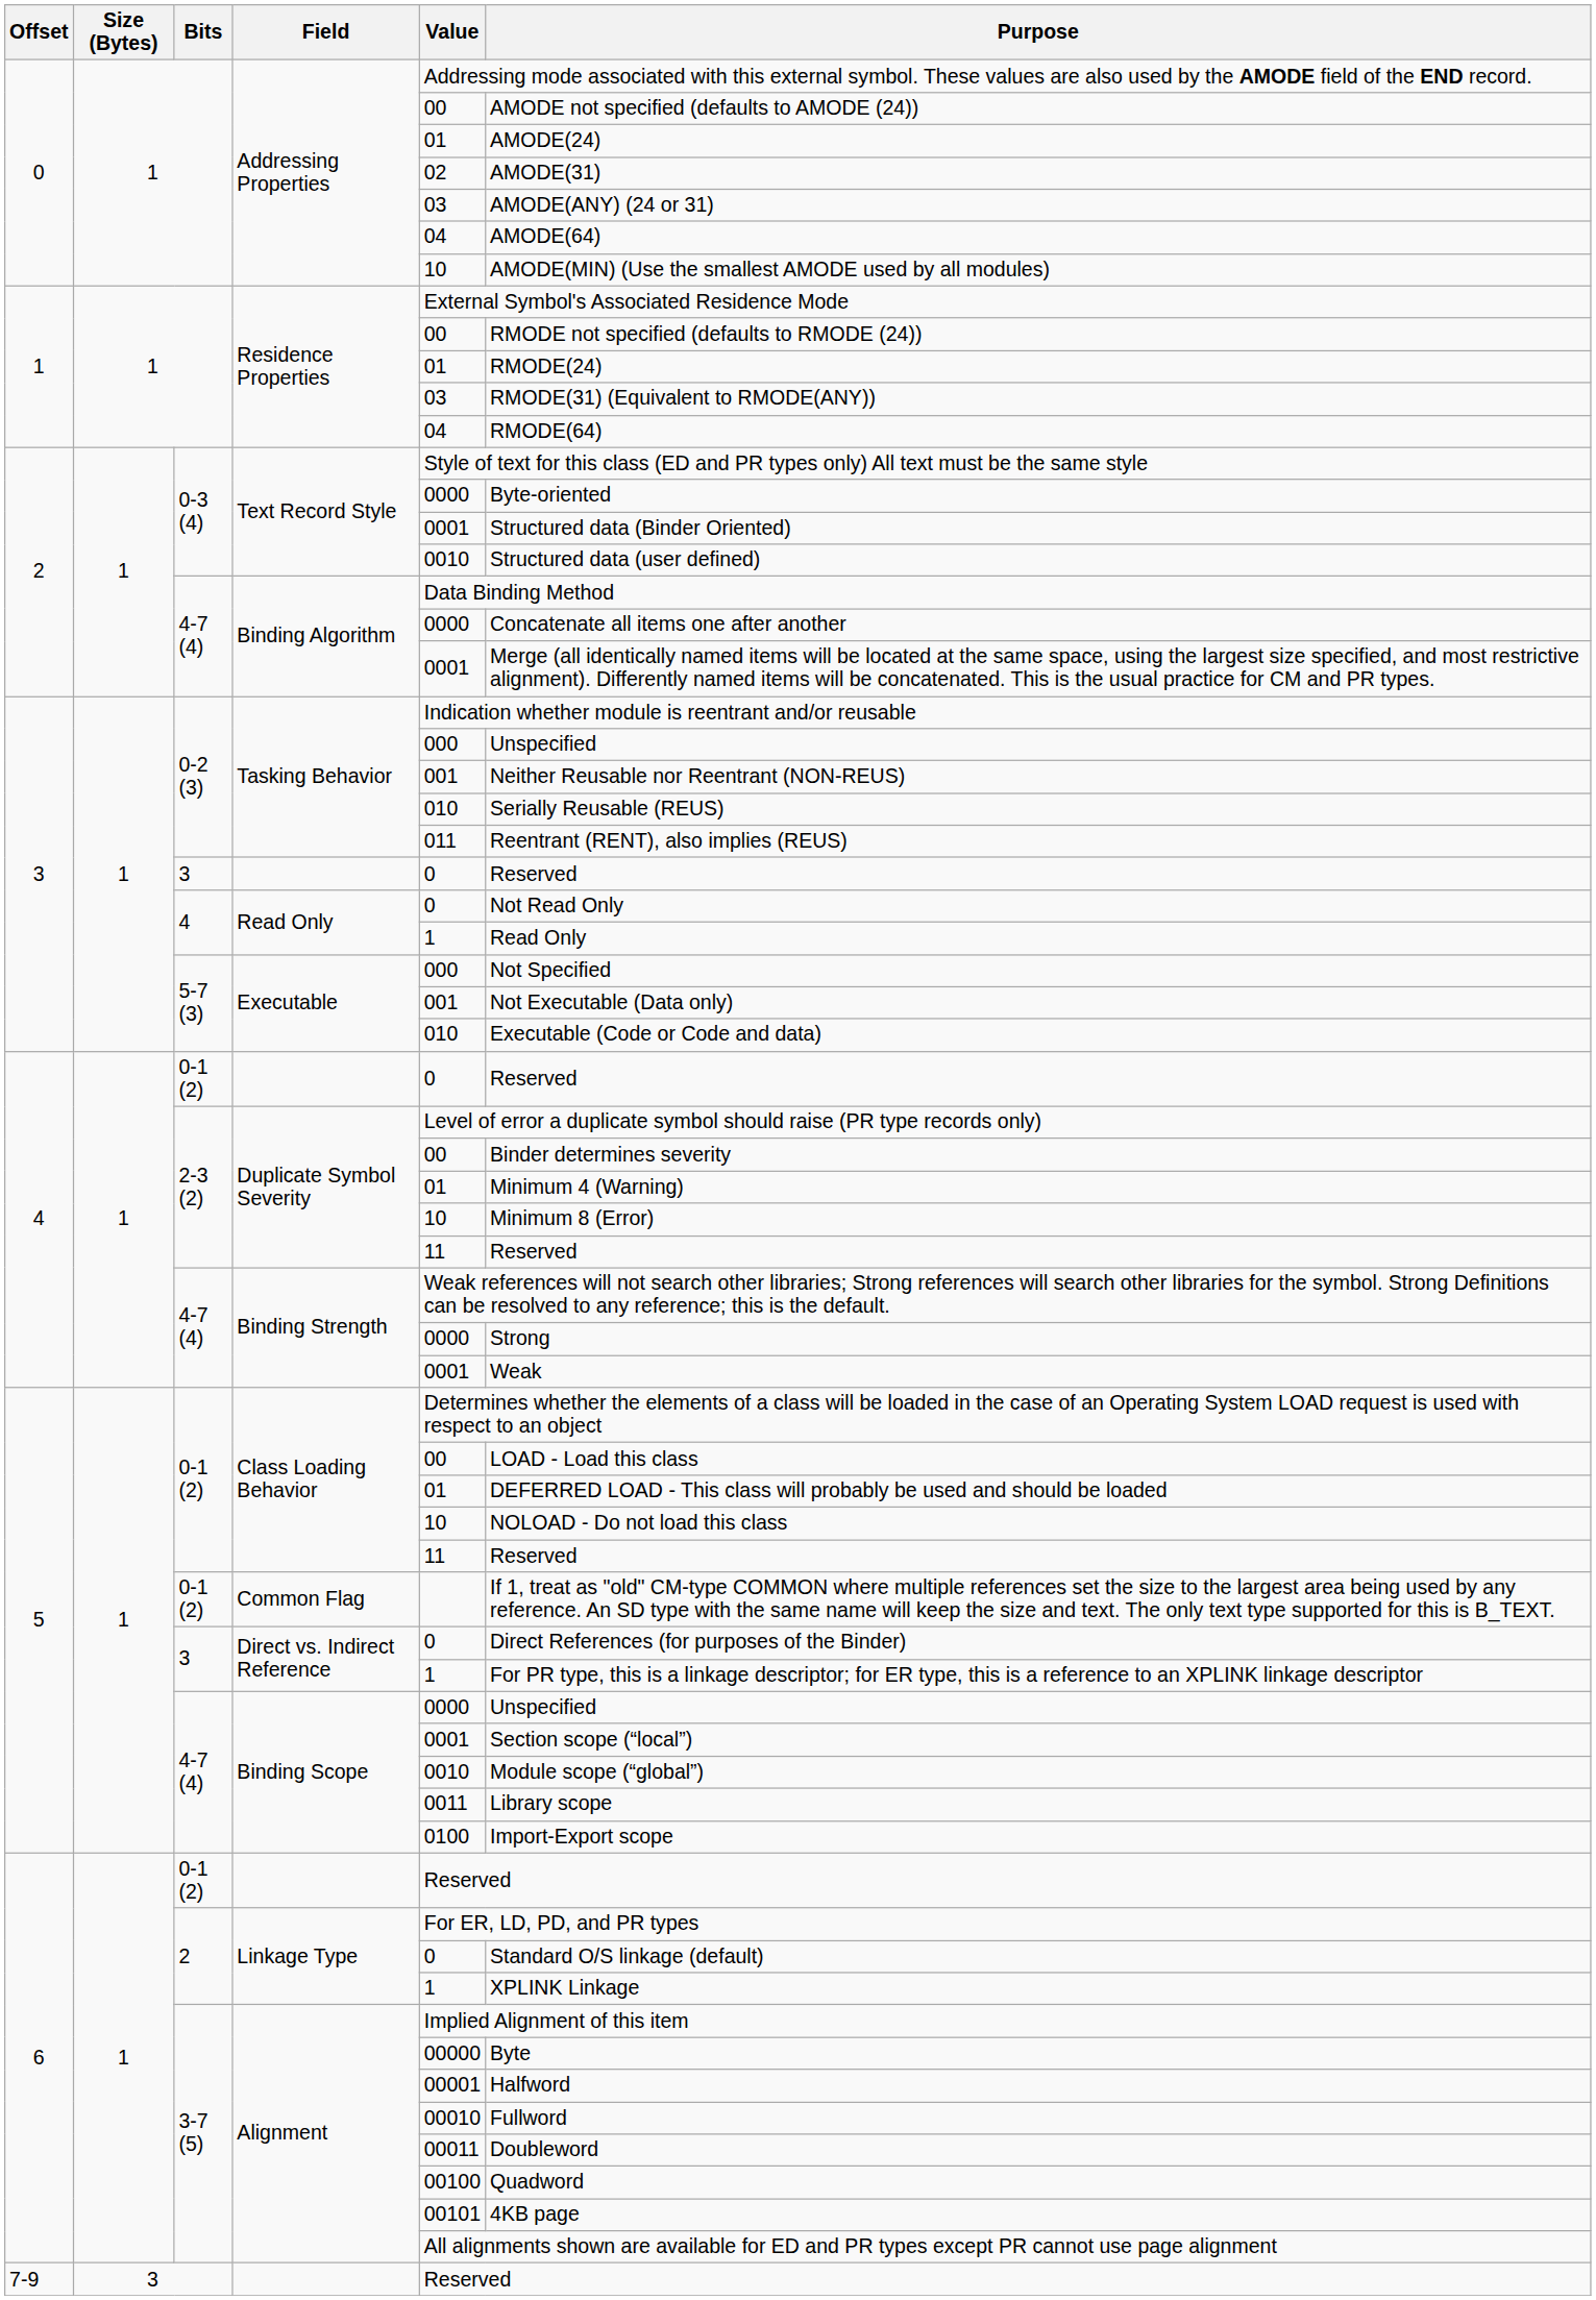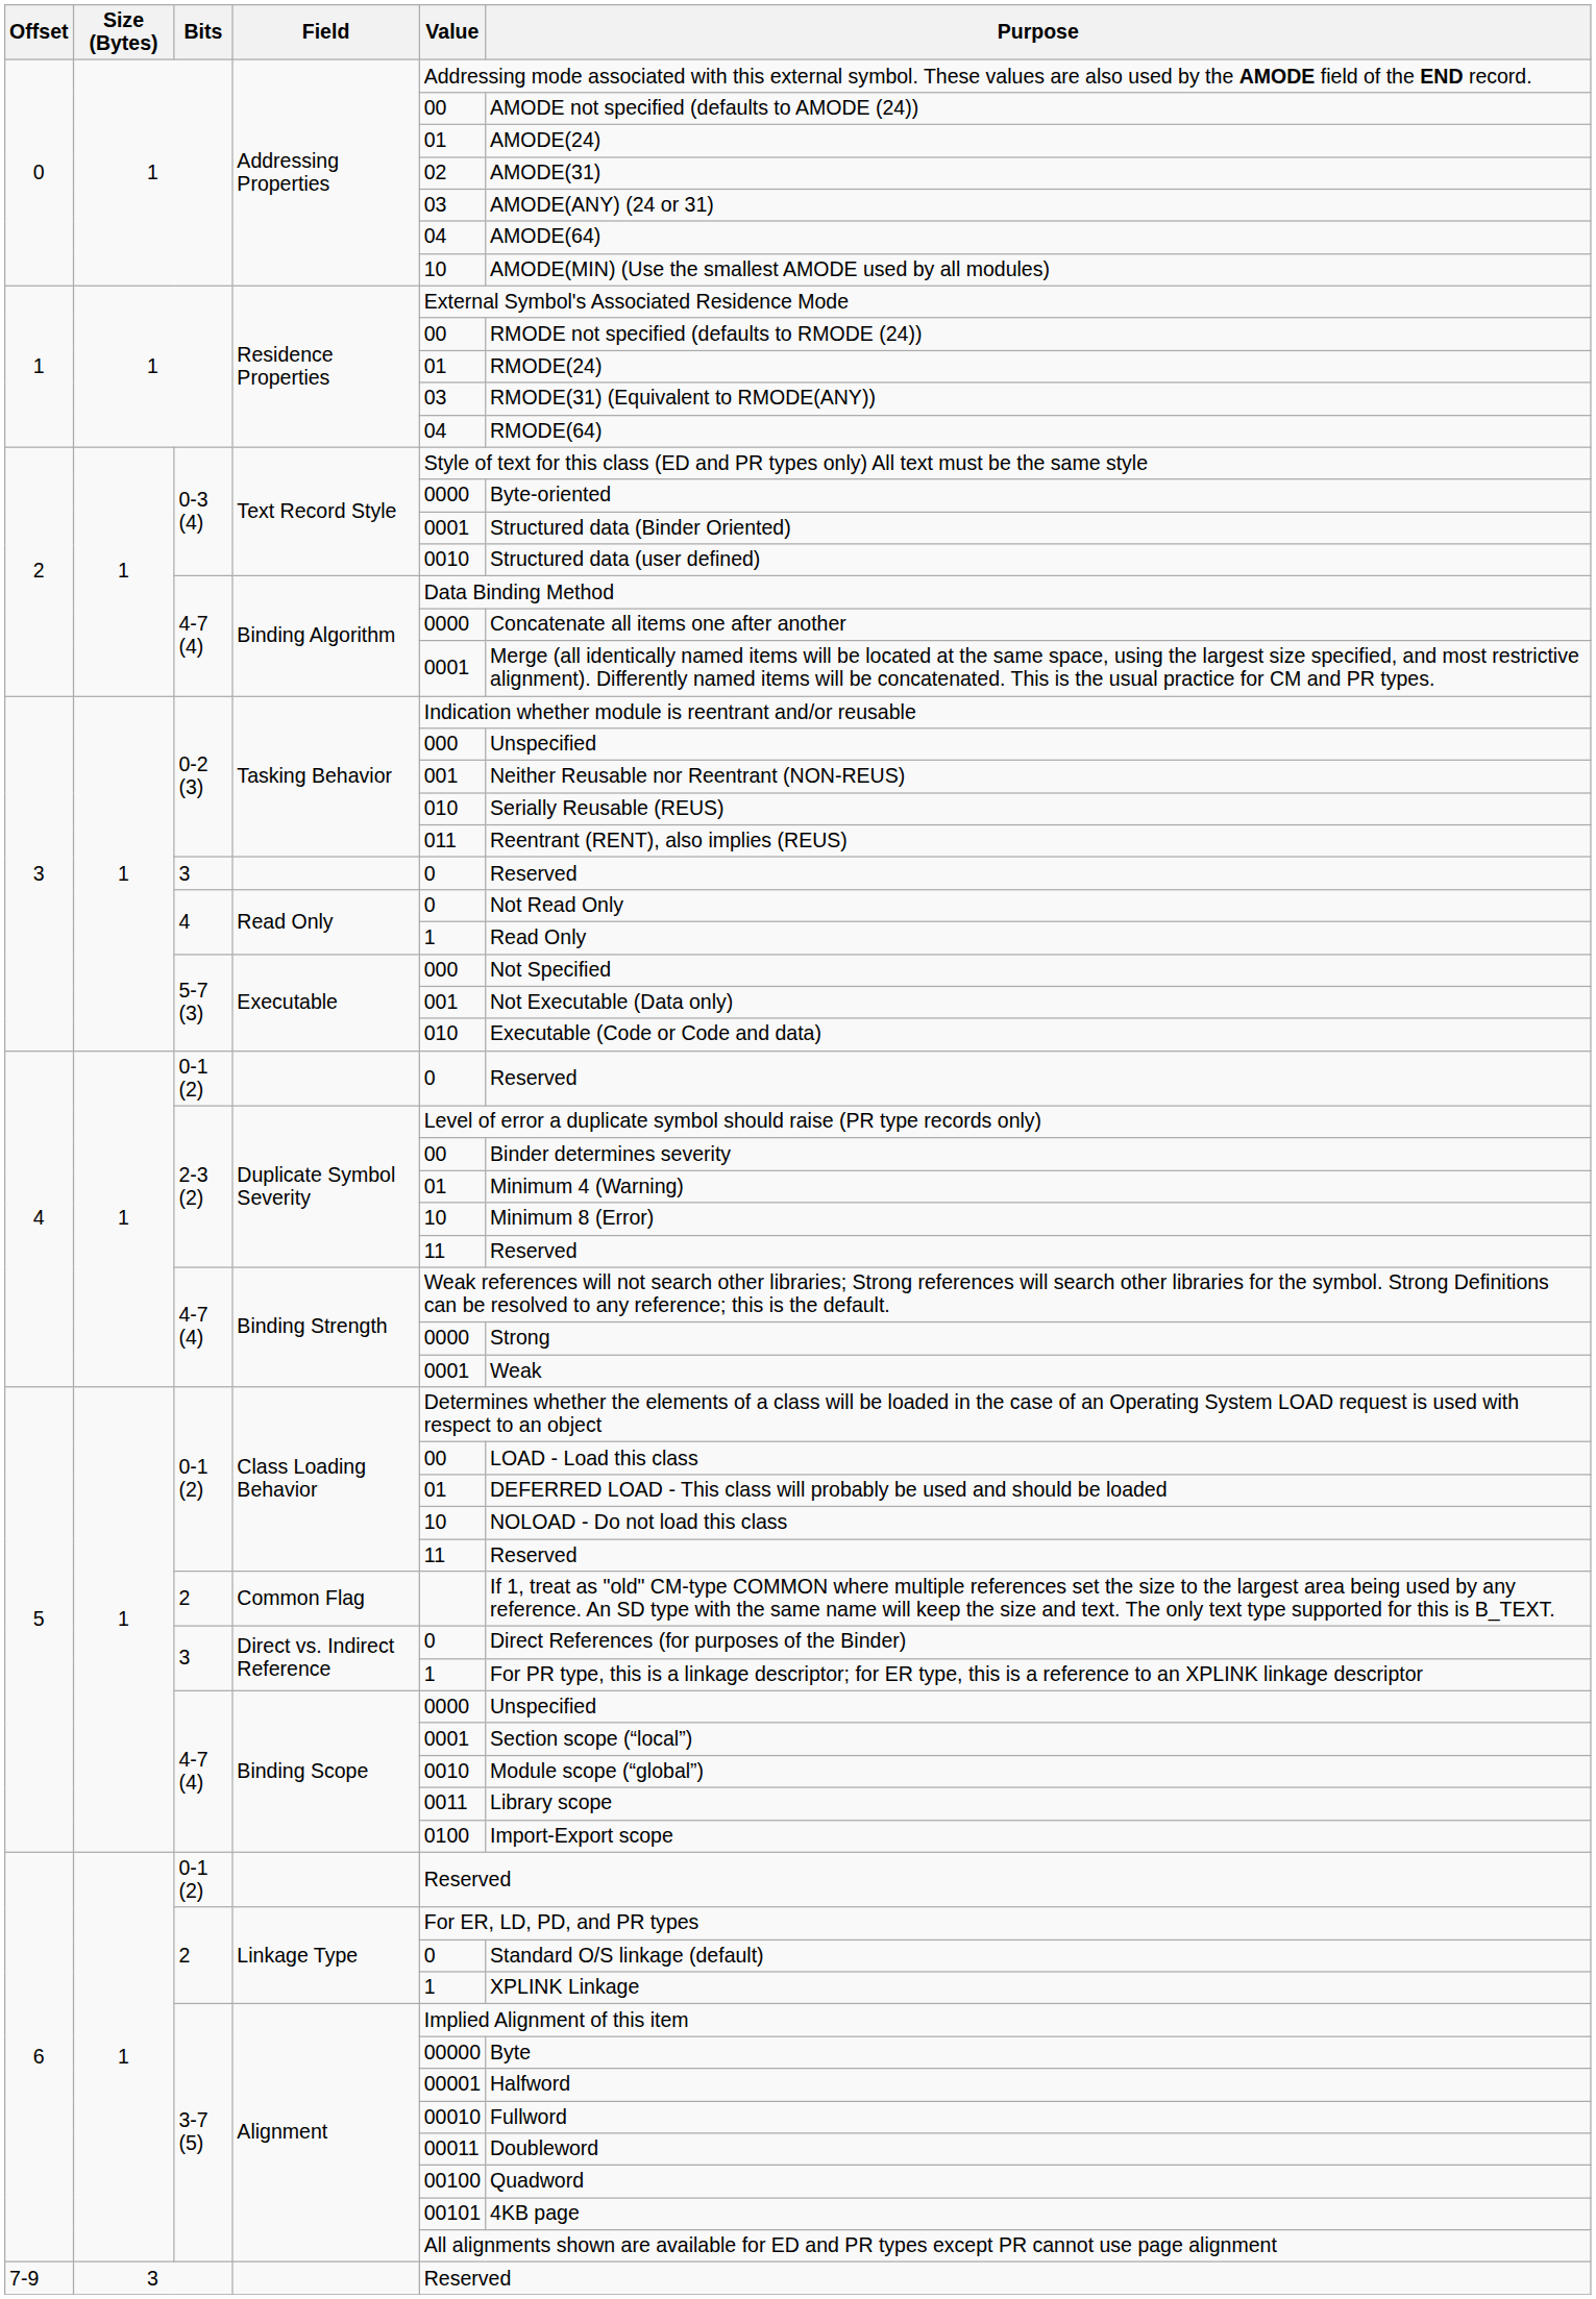 <table class="wikitable" border="1">
 <tr>
 <th>Offset</th>
 <th>Size (Bytes)</th>
 <th>Bits</th>
 <th>Field</th>
 <th>Value</th>
 <th>Purpose</th>
 </tr>
 <tr>
 <td rowspan=7 style="text-align:center">0</td>
 <td rowspan=7 colspan=2 style="text-align:center">1</td>
 <td rowspan=7>Addressing Properties</td>
 <td colspan=7>Addressing mode associated with this external symbol. These values are also used by the <strong>AMODE</strong> field of the <strong>END</strong> record.</td>
 </tr>
 <tr>
 <td>00</td>
 <td>AMODE not specified (defaults to AMODE (24))</td>
 </tr>
 <tr>
 <td>01</td>
 <td>AMODE(24)</td>
 </tr>
 <tr>
 <td>02</td>
 <td>AMODE(31)</td>
 </tr>
 <tr>
 <td>03</td>
 <td>AMODE(ANY) (24 or 31)</td>
 </tr>
 <tr>
 <td>04</td>
 <td>AMODE(64)</td>
 </tr>
 <tr>
 <td>10</td>
 <td>AMODE(MIN) (Use the smallest AMODE used by all modules)</td>
 </tr>
 <tr>
 <td rowspan=5 style="text-align:center">1</td>
 <td rowspan=5 colspan=2 style="text-align:center">1</td>
 <td rowspan=5>Residence Properties</td>
 <td colspan=2>External Symbol's Associated Residence Mode</td>
 </tr>
 <tr>
 <td>00</td>
 <td>RMODE not specified (defaults to RMODE (24))</td>
 </tr>
 <tr>
 <td>01</td>
 <td>RMODE(24)</td>
 </tr>
 <tr>
 <td>03</td>
 <td>RMODE(31) (Equivalent to RMODE(ANY))</td>
 </tr>
 <tr>
 <td>04</td>
 <td>RMODE(64)</td>
 </tr>
 <tr>
 <td rowspan=7 style="text-align:center">2</td>
 <td rowspan=7 style="text-align:center">1</td>
 <td rowspan=4>0-3 (4)</td>
 <td rowspan=4>Text Record Style</td>
 <td colspan=2>Style of text for this class (ED and PR types only) All text must be the same style</td>
 </tr>
 <tr>
 <td>0000</td>
 <td>Byte-oriented</td>
 </tr>
 <tr>
 <td>0001</td>
 <td>Structured data (Binder Oriented)</td>
 </tr>
 <tr>
 <td>0010</td>
 <td>Structured data (user defined)</td>
 </tr>
 <tr>
 <td rowspan=3>4-7 (4)</td>
 <td rowspan=3>Binding Algorithm</td>
 <td colspan=2>Data Binding Method</td>
 </tr>
 <tr>
 <td>0000</td>
 <td>Concatenate all items one after another</td>
 </tr>
 <tr>
 <td>0001</td>
 <td>Merge (all identically named items will be located at the same space, using the largest size specified, and most restrictive alignment). Differently named items will be concatenated. This is the usual practice for CM and PR types.</td>
 </tr>
 <tr>
 <td rowspan=11 style="text-align:center">3</td>
 <td rowspan=11 style="text-align:center">1</td>
 <td rowspan=5>0-2 (3)</td>
 <td rowspan=5>Tasking Behavior</td>
 <td colspan=2>Indication whether module is reentrant and/or reusable</td>
 </tr>
 <tr>
 <td>000</td>
 <td>Unspecified</td>
 </tr>
 <tr>
 <td>001</td>
 <td>Neither Reusable nor Reentrant (NON-REUS)</td>
 </tr>
 <tr>
 <td>010</td>
 <td>Serially Reusable (REUS)</td>
 </tr>
 <tr>
 <td>011</td>
 <td>Reentrant (RENT), also implies (REUS)</td>
 </tr>
 <tr>
 <td>3</td>
 <td></td>
 <td>0</td>
 <td>Reserved</td>
 </tr>
 <tr>
 <td rowspan=2>4</td>
 <td rowspan=2>Read Only</td>
 <td>0</td>
 <td>Not Read Only</td>
 </tr>
 <tr>
 <td>1</td>
 <td>Read Only</td>
 </tr>
 <tr>
 <td rowspan=3>5-7 (3)</td>
 <td rowspan=3>Executable</td>
 <td>000</td>
 <td>Not Specified</td>
 </tr>
 <tr>
 <td>001</td>
 <td>Not Executable (Data only)</td>
 </tr>
 <tr>
 <td>010</td>
 <td>Executable (Code or Code and data)</td>
 </tr>
 <tr>
 <td rowspan=9 style="text-align:center">4</td>
 <td rowspan=9 style="text-align:center">1</td>
 <td>0-1 (2)</td>
 <td></td>
 <td>0</td>
 <td>Reserved</td>
 </tr>
 <tr>
 <td rowspan=5>2-3 (2)</td>
 <td rowspan=5>Duplicate Symbol Severity</td>
 <td colspan=2>Level of error a duplicate symbol should raise (PR type records only)</td>
 </tr>
 <tr>
 <td>00</td>
 <td>Binder determines severity</td>
 </tr>
 <tr>
 <td>01</td>
 <td>Minimum 4 (Warning)</td>
 </tr>
 <tr>
 <td>10</td>
 <td>Minimum 8 (Error)</td>
 </tr>
 <tr>
 <td>11</td>
 <td>Reserved</td>
 </tr>
 <tr>
 <td rowspan=3>4-7 (4)</td>
 <td rowspan=3>Binding Strength</td>
 <td colspan=2>Weak references will not search other libraries; Strong references will search other libraries for the symbol. Strong Definitions can be resolved to any reference; this is the default.</td>
 </tr>
 <tr>
 <td>0000</td>
 <td>Strong</td>
 </tr>
 <tr>
 <td>0001</td>
 <td>Weak</td>
 </tr>
 <tr>
 <td rowspan=13 style="text-align:center">5</td>
 <td rowspan=13 style="text-align:center">1</td>
 <td rowspan=5>0-1 (2)</td>
 <td rowspan=5>Class Loading Behavior</td>
 <td colspan=2>Determines whether the elements of a class will be loaded in the case of an Operating System LOAD request is used with respect to an object</td>
 </tr>
 <tr>
 <td>00</td>
 <td>LOAD - Load this class</td>
 </tr>
 <tr>
 <td>01</td>
 <td>DEFERRED LOAD - This class will probably be used and should be loaded</td>
 </tr>
 <tr>
 <td>10</td>
 <td>NOLOAD - Do not load this class</td>
 </tr>
 <tr>
 <td>11</td>
 <td>Reserved</td>
 </tr>
 <tr>
-<td>0-1 (2)</td>
+<td>2</td>
 <td>Common Flag</td>
 <td></td>
 <td>If 1, treat as "old" CM-type COMMON where multiple references set the size to the largest area being used by any reference. An SD type with the same name will keep the size and text. The only text type supported for this is B_TEXT.</td>
 </tr>
 <tr>
 <td rowspan=2>3</td>
 <td rowspan=2>Direct vs. Indirect Reference</td>
 <td>0</td>
 <td>Direct References (for purposes of the Binder)</td>
 </tr>
 <tr>
 <td>1</td>
 <td>For PR type, this is a linkage descriptor; for ER type, this is a reference to an XPLINK linkage descriptor</td>
 </tr>
 <tr>
 <td rowspan=5>4-7 (4)</td>
 <td rowspan=5>Binding Scope</td>
 <td>0000</td>
 <td>Unspecified</td>
 </tr>
 <tr>
 <td>0001</td>
 <td>Section scope (“local”)</td>
 </tr>
 <tr>
 <td>0010</td>
 <td>Module scope (“global”)</td>
 </tr>
 <tr>
 <td>0011</td>
 <td>Library scope</td>
 </tr>
 <tr>
 <td>0100</td>
 <td>Import-Export scope</td>
 </tr>
 <tr>
 <td rowspan=12 style="text-align:center">6</td>
 <td rowspan=12 style="text-align:center">1</td>
 <td>0-1 (2)</td>
 <td></td>
 <td colspan=2>Reserved</td>
 </tr>
 <tr>
 <td rowspan=3>2</td>
 <td rowspan=3>Linkage Type</td>
 <td colspan=2>For ER, LD, PD, and PR types</td>
 </tr>
 <tr>
 <td>0</td>
 <td>Standard O/S linkage (default)</td>
 </tr>
 <tr>
 <td>1</td>
 <td>XPLINK Linkage</td>
 </tr>
 <tr>
 <td rowspan=8>3-7 (5)</td>
 <td rowspan=8>Alignment</td>
 <td colspan=2>Implied Alignment of this item</td>
 </tr>
 <tr>
 <td>00000</td>
 <td>Byte</td>
 </tr>
 <tr>
 <td>00001</td>
 <td>Halfword</td>
 </tr>
 <tr>
 <td>00010</td>
 <td>Fullword</td>
 </tr>
 <tr>
 <td>00011</td>
 <td>Doubleword</td>
 </tr>
 <tr>
 <td>00100</td>
 <td>Quadword</td>
 </tr>
 <tr>
 <td>00101</td>
 <td>4KB page</td>
 </tr>
 <tr>
 <td colspan=2>All alignments shown are available for ED and PR types except PR cannot use page alignment</td>
 </tr>
 <tr>
 <td>7-9</td>
 <td colspan=2 style="text-align:center">3</td>
 <td></td>
 <td colspan=2>Reserved</td>
 </tr>
 </table>
